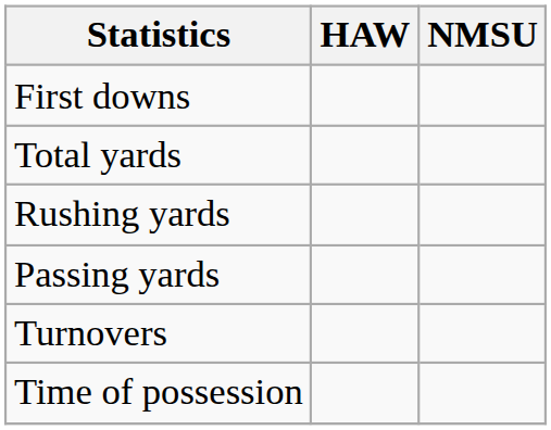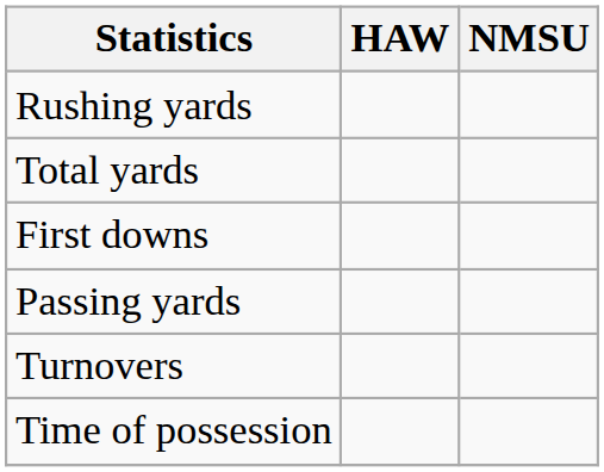 <table class="wikitable" style="float: left;">
 <tr>
 <th>Statistics</th>
 <th>HAW</th>
 <th>NMSU</th>
 </tr>
 <tr>
-<td>First downs</td>
+<td>Rushing yards</td>
 <td></td>
 <td></td>
 </tr>
 <tr>
 <td>Total yards</td>
 <td></td>
 <td></td>
 </tr>
 <tr>
-<td>Rushing yards</td>
+<td>First downs</td>
 <td></td>
 <td></td>
 </tr>
 <tr>
 <td>Passing yards</td>
 <td></td>
 <td></td>
 </tr>
 <tr>
 <td>Turnovers</td>
 <td></td>
 <td></td>
 </tr>
 <tr>
 <td>Time of possession</td>
 <td></td>
 <td></td>
 </tr>
 <tr>
 </tr>
 </table>
